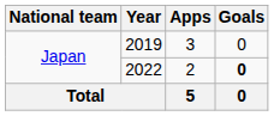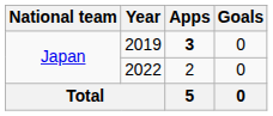 <table class=wikitable style=text-align:center>
 <tr>
 <th>National team</th>
 <th>Year</th>
 <th>Apps</th>
 <th>Goals</th>
 </tr>
 <tr>
 <td rowspan="2"><a href='#'>Japan</a></td>
 <td>2019</td>
-<td>3</td>
+<td><strong>3</strong></td>
 <td>0</td>
 </tr>
 <tr>
 <td>2022</td>
 <td>2</td>
-<td><strong>0</strong></td>
+<td>0</td>
 </tr>
 <tr>
 <th colspan=2>Total</th>
 <th>5</th>
 <th>0</th>
 </tr>
 </table>
